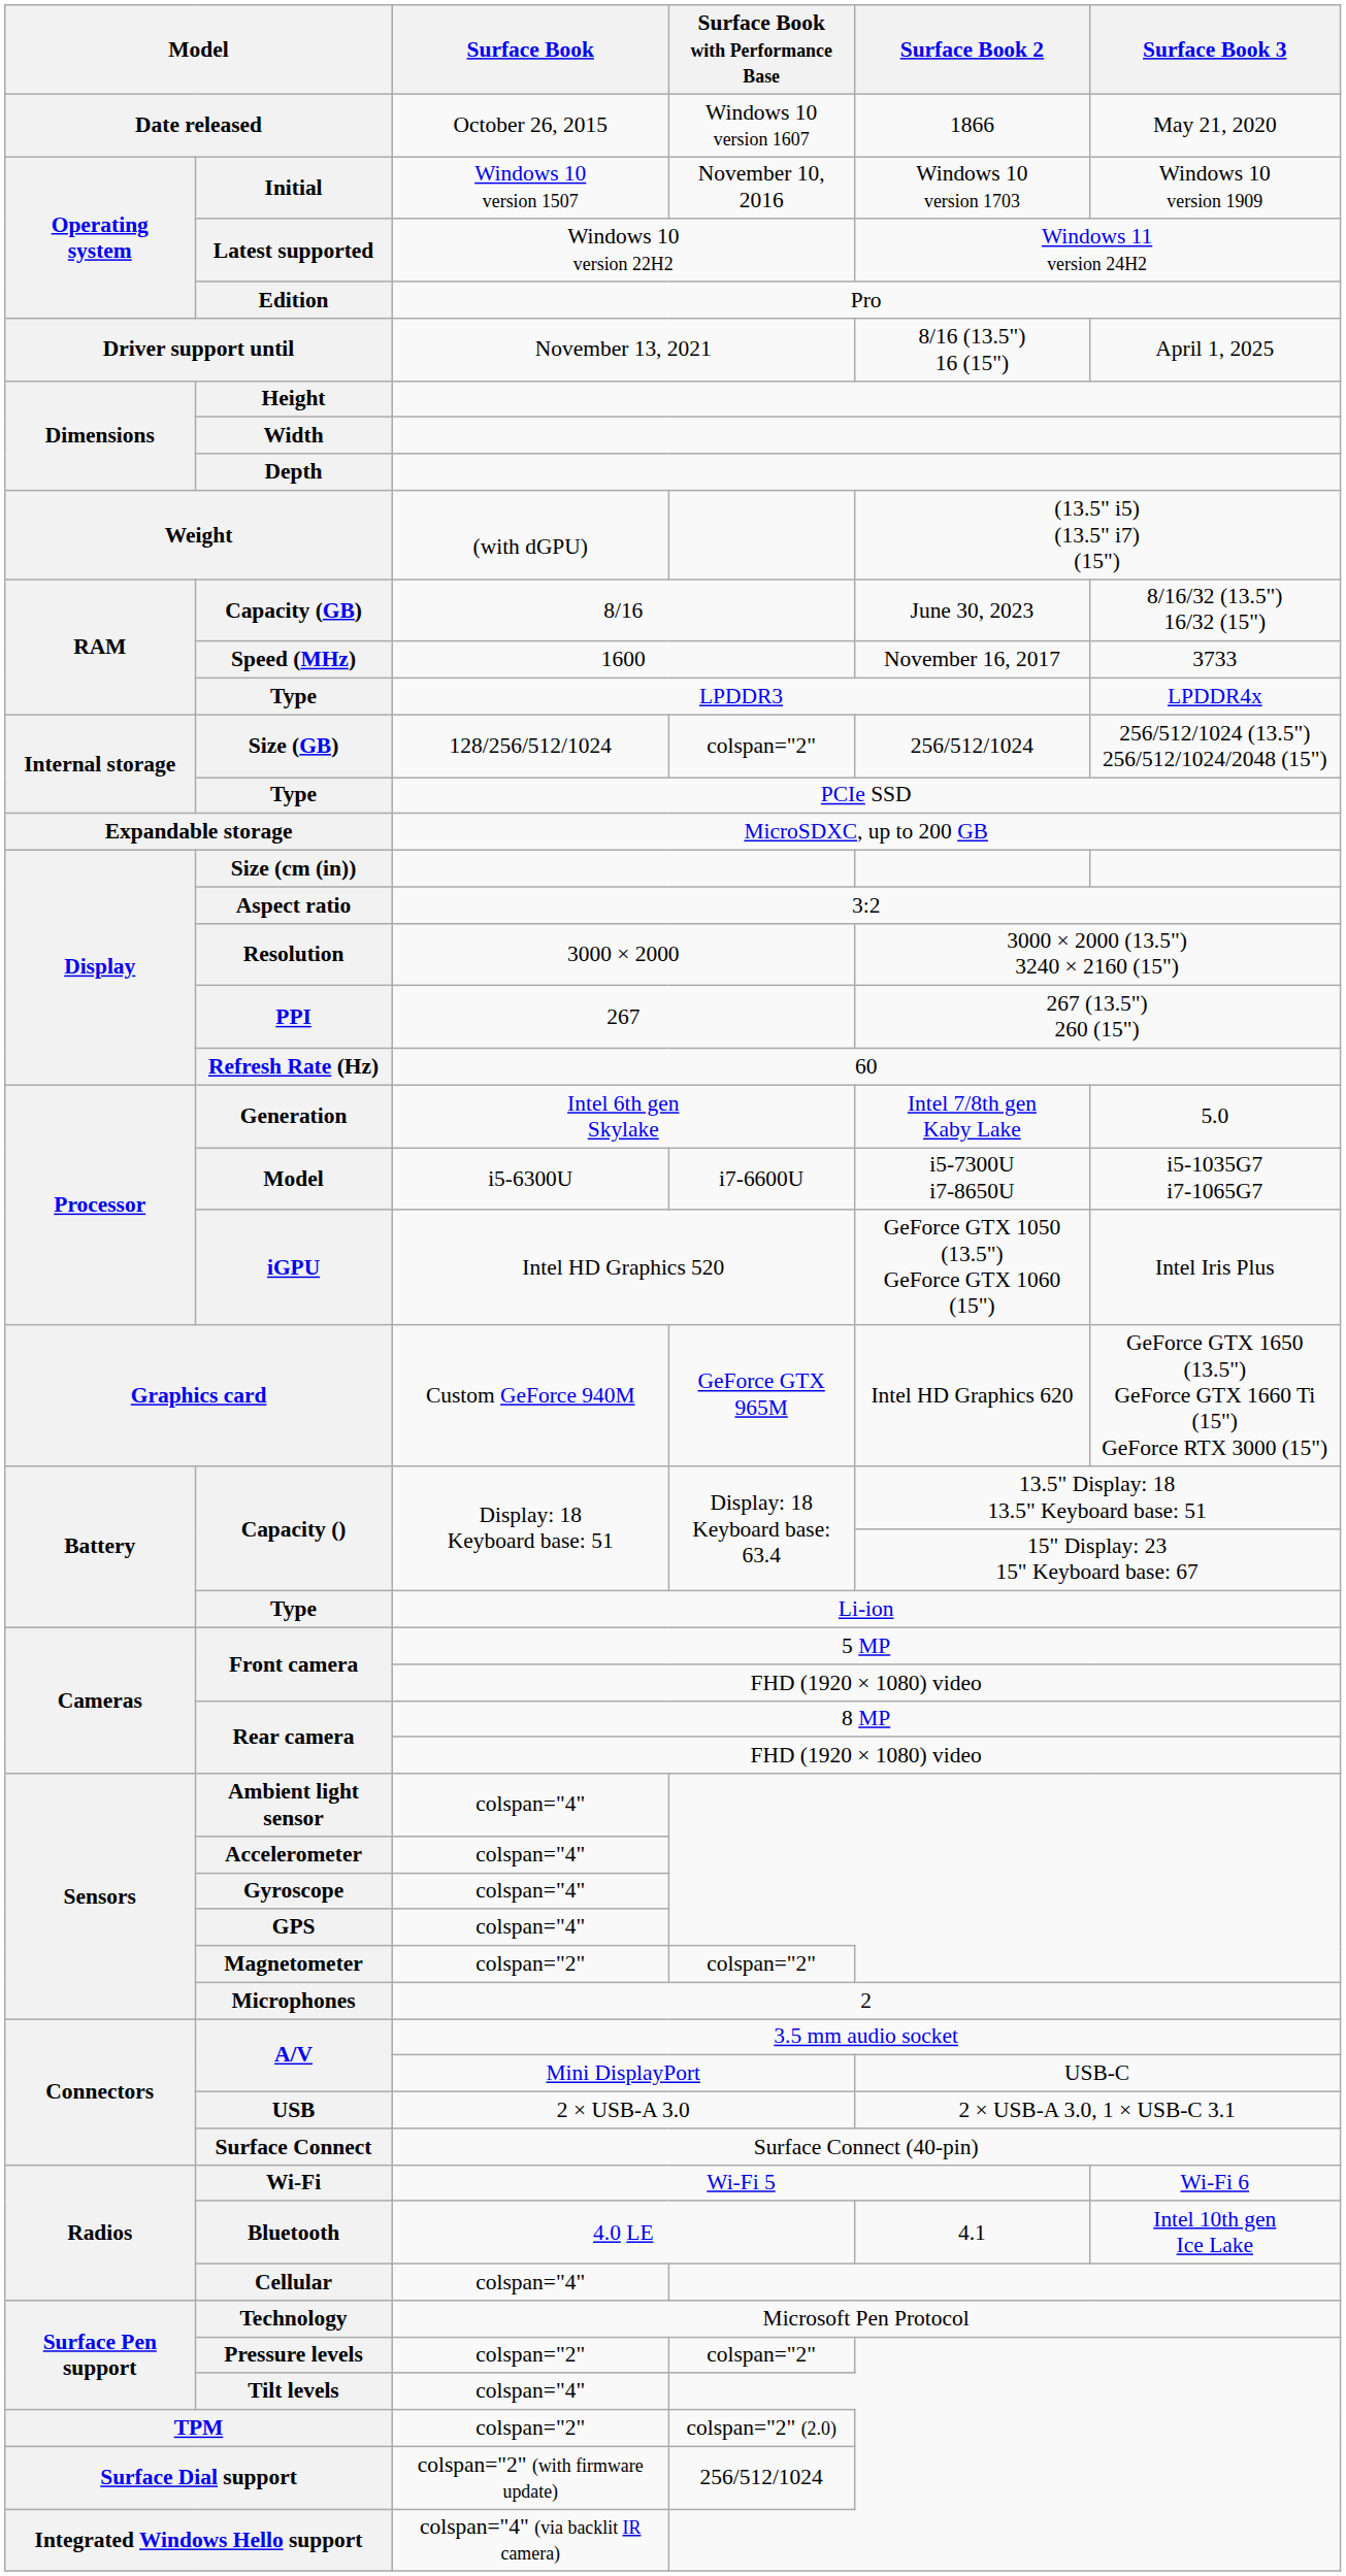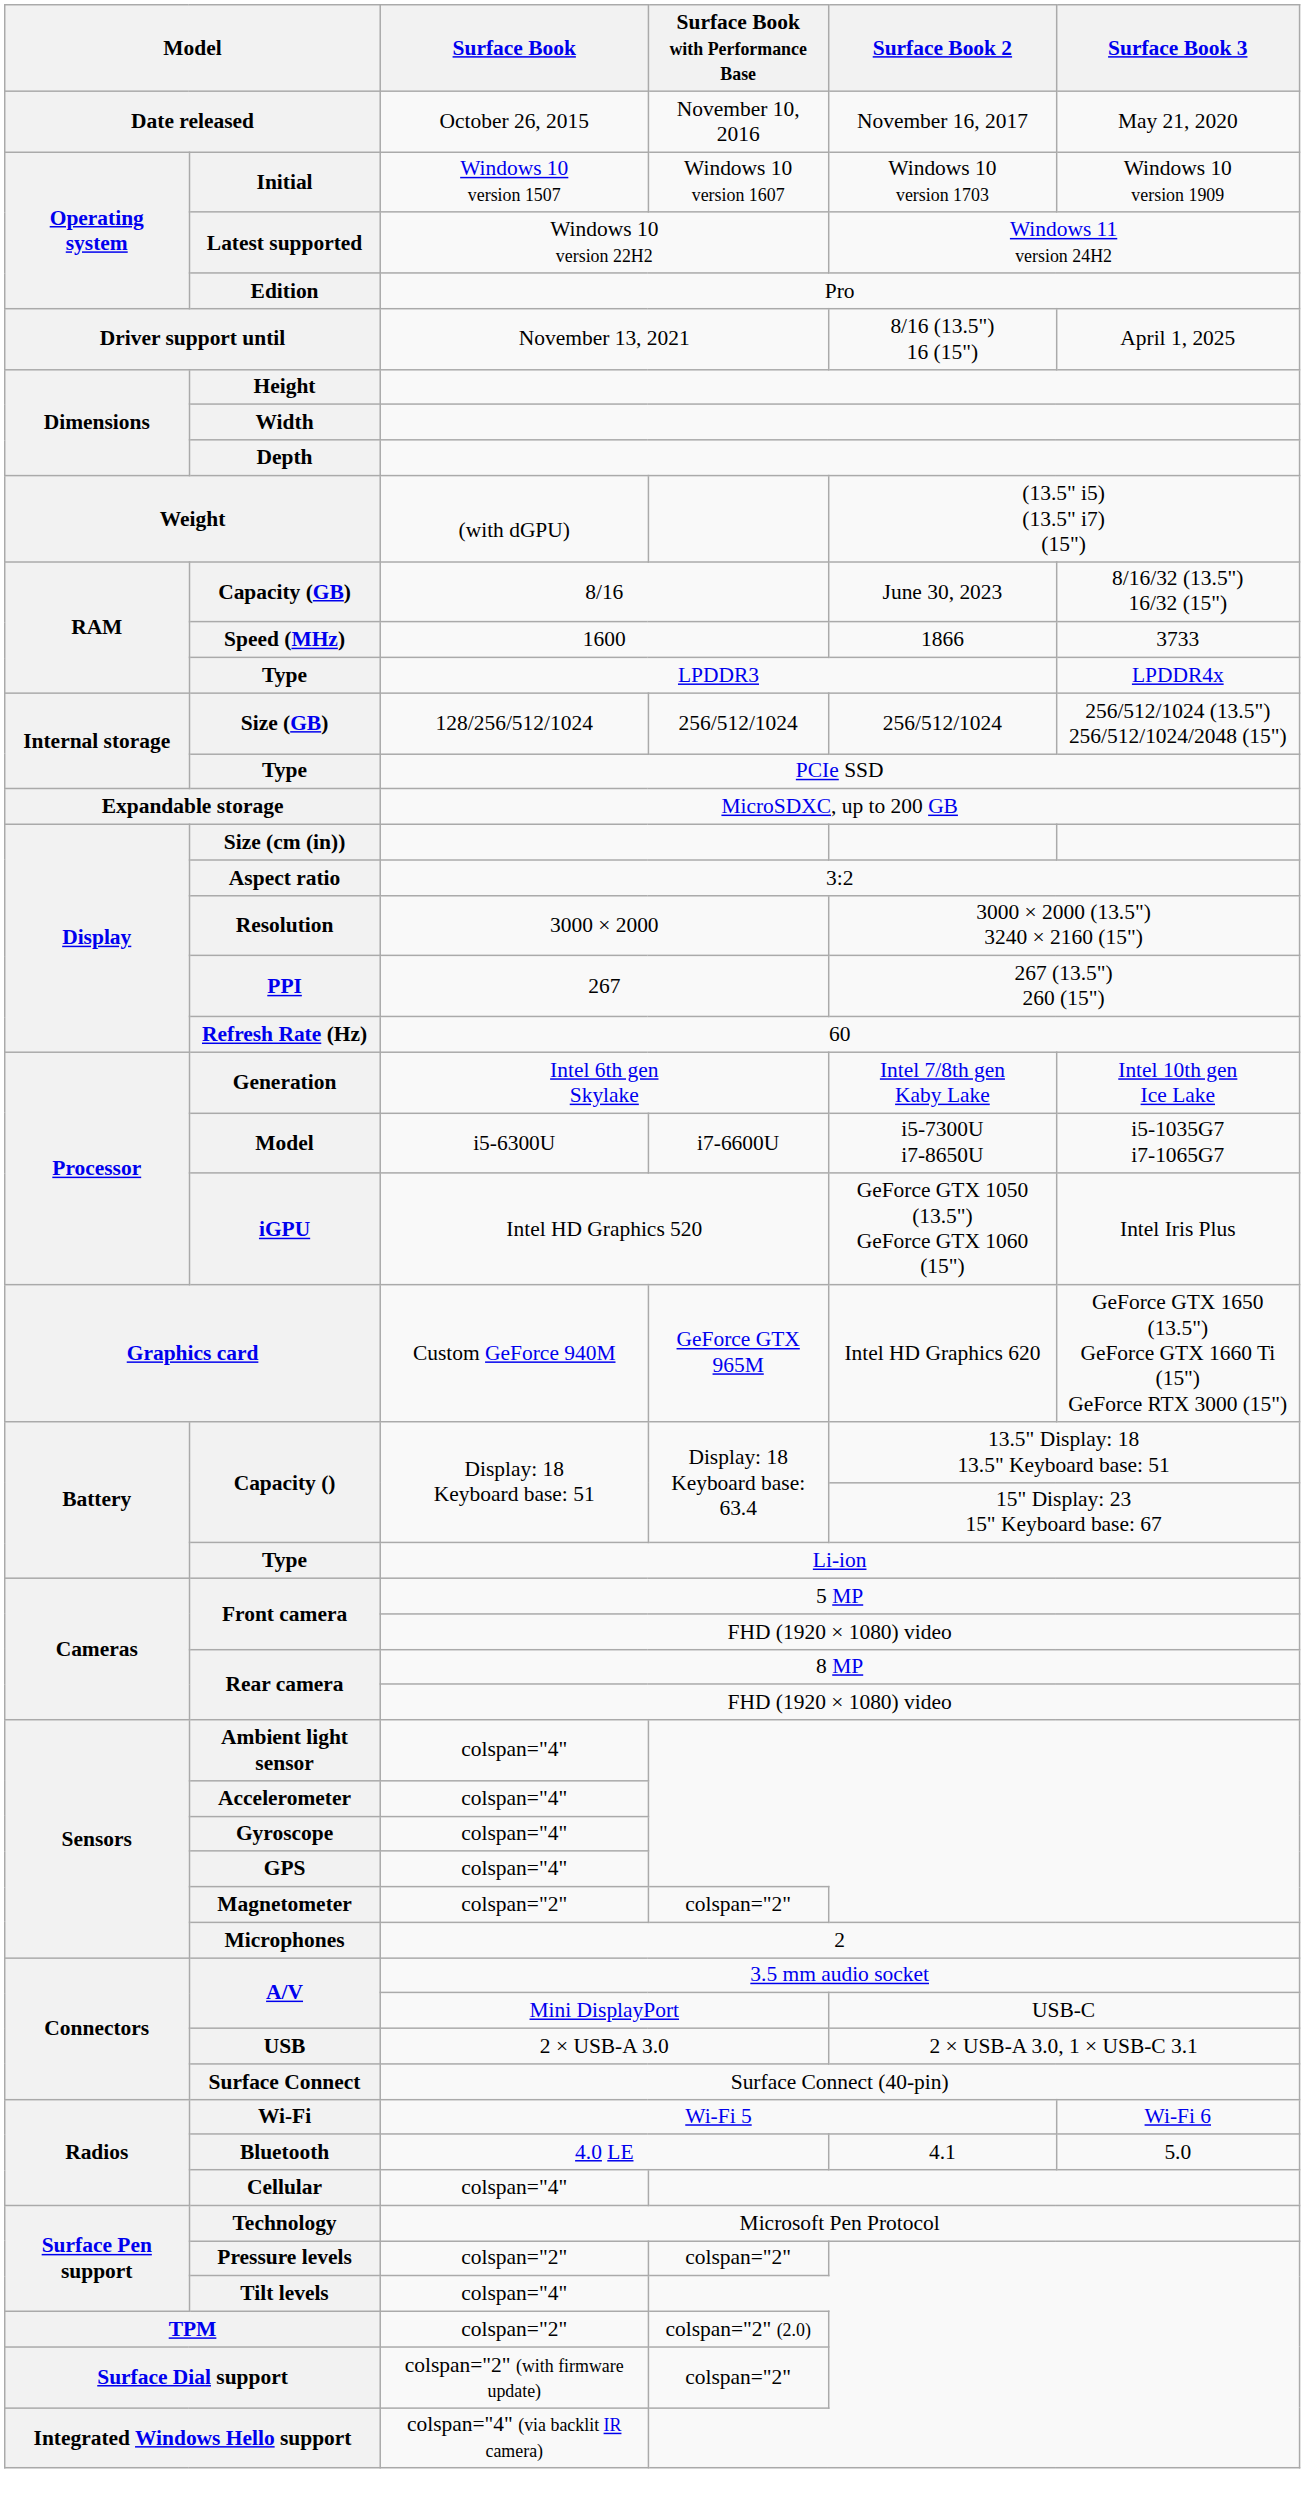 <table class="wikitable mw-collapsible" style="text-align: center; font-size:90%; min-width:20em;">
 <tr>
 <th colspan="2">Model</th>
 <th><a href='#'>Surface Book</a></th>
 <th>Surface Book<br><small>with Performance Base</small></th>
 <th><a href='#'>Surface Book 2</a></th>
 <th><a href='#'>Surface Book 3</a></th>
 </tr>
 <tr>
 <th colspan="2">Date released</th>
 <td>October 26, 2015</td>
-<td>Windows 10<br> <small>version 1607</small></td>
-<td>1866</td>
+<td>November 10, 2016</td>
+<td>November 16, 2017</td>
 <td>May 21, 2020</td>
 </tr>
 <tr>
 <th rowspan="3"><a href='#'>Operating <br> system</a></th>
 <th>Initial</th>
 <td><a href='#'>Windows 10</a><br> <small>version 1507</small></td>
-<td>November 10, 2016</td>
+<td>Windows 10<br> <small>version 1607</small></td>
 <td>Windows 10<br><small>version 1703</small></td>
 <td>Windows 10<br><small>version 1909</small></td>
 </tr>
 <tr>
 <th>Latest supported</th>
 <td colspan="2">Windows 10 <br> <small>version 22H2</small></td>
 <td colspan="2"><a href='#'>Windows 11</a> <br> <small>version 24H2</small></td>
 </tr>
 <tr>
 <th>Edition</th>
 <td colspan="4">Pro</td>
 </tr>
 <tr>
 <th colspan="2">Driver support until</th>
 <td colspan="2">November 13, 2021</td>
 <td>8/16 (13.5") <br> 16 (15")</td>
 <td>April 1, 2025</td>
 </tr>
 <tr>
 <th rowspan="3">Dimensions <br> </th>
 <th>Height</th>
 <td colspan="4"></td>
 </tr>
 <tr>
 <th>Width</th>
 <td colspan="4"></td>
 </tr>
 <tr>
 <th>Depth</th>
 <td colspan="4"></td>
 </tr>
 <tr>
 <th colspan="2">Weight <br> </th>
 <td> <br>  (with dGPU)</td>
 <td></td>
 <td colspan="2"> (13.5" i5) <br>  (13.5" i7) <br>  (15")</td>
 </tr>
 <tr>
 <th rowspan="3">RAM</th>
 <th>Capacity (<a href='#'>GB</a>)</th>
 <td colspan="2">8/16</td>
 <td>June 30, 2023</td>
 <td>8/16/32 (13.5") <br> 16/32 (15")</td>
 </tr>
 <tr>
 <th>Speed (<a href='#'>MHz</a>)</th>
 <td colspan="2">1600</td>
-<td>November 16, 2017</td>
+<td>1866</td>
 <td>3733</td>
 </tr>
 <tr>
 <th>Type</th>
 <td colspan="3"><a href='#'>LPDDR3</a></td>
 <td><a href='#'>LPDDR4x</a></td>
 </tr>
 <tr>
 <th rowspan="2">Internal storage</th>
 <th>Size (<a href='#'>GB</a>)</th>
 <td>128/256/512/1024</td>
-<td>colspan="2" </td>
+<td>256/512/1024</td>
 <td>256/512/1024</td>
 <td>256/512/1024 (13.5") <br> 256/512/1024/2048 (15")</td>
 </tr>
 <tr>
 <th>Type</th>
 <td colspan="4"><a href='#'>PCIe</a> SSD</td>
 </tr>
 <tr>
 <th colspan="2">Expandable storage</th>
 <td colspan="4"><a href='#'>MicroSDXC</a>, up to 200 <a href='#'>GB</a></td>
 </tr>
 <tr>
 <th rowspan="5"><a href='#'>Display</a></th>
 <th>Size (cm (in))</th>
 <td colspan="2"></td>
 <td> <br> </td>
 <td> <br> </td>
 </tr>
 <tr>
 <th>Aspect ratio</th>
 <td colspan="4">3:2</td>
 </tr>
 <tr>
 <th>Resolution</th>
 <td colspan="2">3000 × 2000</td>
 <td colspan="2">3000 × 2000 (13.5") <br> 3240 × 2160 (15")</td>
 </tr>
 <tr>
 <th><a href='#'>PPI</a></th>
 <td colspan="2">267</td>
 <td colspan="2">267 (13.5") <br> 260 (15")</td>
 </tr>
 <tr>
 <th><a href='#'>Refresh Rate</a> (Hz)</th>
 <td colspan="4">60</td>
 </tr>
 <tr>
 <th rowspan="3"><a href='#'>Processor</a></th>
 <th>Generation</th>
 <td colspan="2"><a href='#'>Intel 6th gen <br> Skylake</a></td>
 <td><a href='#'>Intel 7/8th gen <br> Kaby Lake</a></td>
-<td>5.0</td>
+<td><a href='#'>Intel 10th gen <br> Ice Lake</a></td>
 </tr>
 <tr>
 <th>Model</th>
 <td>i5-6300U</td>
 <td>i7-6600U</td>
 <td>i5-7300U <br> i7-8650U</td>
 <td>i5-1035G7 <br> i7-1065G7</td>
 </tr>
 <tr>
 <th><a href='#'>iGPU</a></th>
 <td colspan="2">Intel HD Graphics 520</td>
 <td>GeForce GTX 1050 (13.5") <br> GeForce GTX 1060 (15")</td>
 <td>Intel Iris Plus</td>
 </tr>
 <tr>
 <th colspan="2"><a href='#'>Graphics card</a></th>
 <td>Custom <a href='#'>GeForce 940M</a></td>
 <td><a href='#'>GeForce GTX 965M</a></td>
 <td>Intel HD Graphics 620</td>
 <td>GeForce GTX 1650 (13.5") <br> GeForce GTX 1660 Ti (15") <br> GeForce RTX 3000 (15")</td>
 </tr>
 <tr>
 <th rowspan="3">Battery</th>
 <th rowspan="2">Capacity ()</th>
 <td rowspan="2">Display: 18 <br> Keyboard base: 51</td>
 <td rowspan="2">Display: 18 <br> Keyboard base: 63.4</td>
 <td colspan="2">13.5" Display: 18 <br>13.5" Keyboard base: 51</td>
 </tr>
 <tr>
 <td colspan="2">15" Display: 23<br>15" Keyboard base: 67</td>
 </tr>
 <tr>
 <th>Type</th>
 <td colspan="4"><a href='#'>Li-ion</a></td>
 </tr>
 <tr>
 <th rowspan="4">Cameras</th>
 <th rowspan="2">Front camera</th>
 <td colspan="4">5 <a href='#'>MP</a></td>
 </tr>
 <tr>
 <td colspan="4">FHD (1920 × 1080) video</td>
 </tr>
 <tr>
 <th rowspan=2>Rear camera</th>
 <td colspan="4">8 <a href='#'>MP</a></td>
 </tr>
 <tr>
 <td colspan="4">FHD (1920 × 1080) video</td>
 </tr>
 <tr>
 <th rowspan="6">Sensors</th>
 <th>Ambient light sensor</th>
 <td>colspan="4" </td>
 </tr>
 <tr>
 <th>Accelerometer</th>
 <td>colspan="4" </td>
 </tr>
 <tr>
 <th>Gyroscope</th>
 <td>colspan="4" </td>
 </tr>
 <tr>
 <th>GPS</th>
 <td>colspan="4" </td>
 </tr>
 <tr>
 <th>Magnetometer</th>
 <td>colspan="2" </td>
 <td>colspan="2" </td>
 </tr>
 <tr>
 <th>Microphones</th>
 <td colspan="4">2</td>
 </tr>
 <tr>
 <th rowspan="4">Connectors</th>
 <th rowspan="2"><a href='#'>A/V</a></th>
 <td colspan="4"><a href='#'>3.5 mm audio socket</a></td>
 </tr>
 <tr>
 <td colspan="2"><a href='#'>Mini DisplayPort</a></td>
 <td colspan="2">USB-C</td>
 </tr>
 <tr>
 <th>USB</th>
 <td colspan="2">2 × USB-A 3.0</td>
 <td colspan="2">2 × USB-A 3.0, 1 × USB-C 3.1</td>
 </tr>
 <tr>
 <th>Surface Connect</th>
 <td colspan="4">Surface Connect (40-pin)</td>
 </tr>
 <tr>
 <th rowspan="3">Radios</th>
 <th>Wi-Fi</th>
 <td colspan="3"><a href='#'>Wi-Fi 5</a></td>
 <td><a href='#'>Wi-Fi 6</a></td>
 </tr>
 <tr>
 <th>Bluetooth</th>
 <td colspan="2"><a href='#'>4.0</a> <a href='#'>LE</a></td>
 <td>4.1</td>
-<td><a href='#'>Intel 10th gen <br> Ice Lake</a></td>
+<td>5.0</td>
 </tr>
 <tr>
 <th>Cellular</th>
 <td>colspan="4" </td>
 </tr>
 <tr>
 <th rowspan="3"><a href='#'>Surface Pen</a> support</th>
 <th>Technology</th>
 <td colspan="4">Microsoft Pen Protocol</td>
 </tr>
 <tr>
 <th>Pressure levels</th>
 <td>colspan="2" </td>
 <td>colspan="2" </td>
 </tr>
 <tr>
 <th>Tilt levels</th>
 <td>colspan="4" </td>
 </tr>
 <tr>
 <th colspan="2"><a href='#'>TPM</a></th>
 <td>colspan="2" </td>
 <td>colspan="2"  <small>(2.0)</small></td>
 </tr>
 <tr>
 <th colspan="2"><a href='#'>Surface Dial</a> support</th>
 <td>colspan="2"  <small>(with firmware update)</small></td>
-<td>256/512/1024</td>
+<td>colspan="2" </td>
 </tr>
 <tr>
 <th colspan="2">Integrated <a href='#'>Windows Hello</a> support</th>
 <td>colspan="4"  <small>(via backlit <a href='#'>IR</a> camera)</small></td>
 </tr>
 </table>
